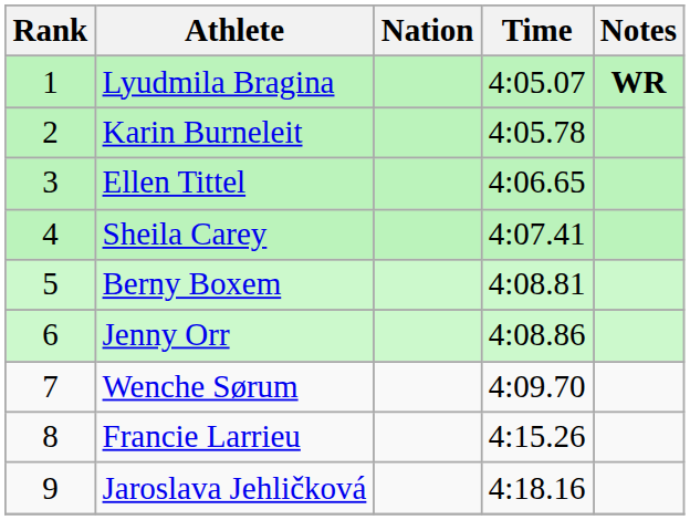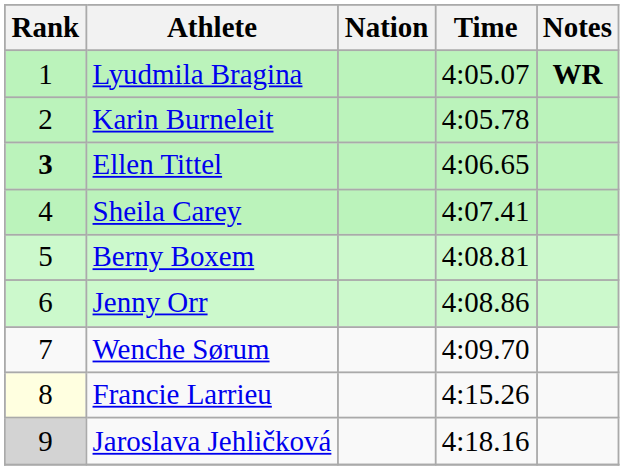 <table class="wikitable sortable" style="text-align:center">
 <tr>
 <th>Rank</th>
 <th>Athlete</th>
 <th>Nation</th>
 <th>Time</th>
 <th>Notes</th>
 </tr>
 <tr bgcolor=bbf3bb>
 <td>1</td>
 <td align=left><a href='#'>Lyudmila Bragina</a></td>
 <td align=left></td>
 <td>4:05.07</td>
 <td><strong>WR</strong></td>
 </tr>
 <tr bgcolor=bbf3bb>
 <td>2</td>
 <td align=left><a href='#'>Karin Burneleit</a></td>
 <td align=left></td>
 <td>4:05.78</td>
 <td></td>
 </tr>
 <tr bgcolor=bbf3bb>
-<td>3</td>
+<td><strong>3</strong></td>
 <td align=left><a href='#'>Ellen Tittel</a></td>
 <td align=left></td>
 <td>4:06.65</td>
 <td></td>
 </tr>
 <tr bgcolor=bbf3bb>
 <td>4</td>
 <td align=left><a href='#'>Sheila Carey</a></td>
 <td align=left></td>
 <td>4:07.41</td>
 <td></td>
 </tr>
 <tr bgcolor=ccf9cc>
 <td>5</td>
 <td align=left><a href='#'>Berny Boxem</a></td>
 <td align=left></td>
 <td>4:08.81</td>
 <td></td>
 </tr>
 <tr bgcolor=ccf9cc>
 <td>6</td>
 <td align=left><a href='#'>Jenny Orr</a></td>
 <td align=left></td>
 <td>4:08.86</td>
 <td></td>
 </tr>
 <tr>
 <td>7</td>
 <td align=left><a href='#'>Wenche Sørum</a></td>
 <td align=left></td>
 <td>4:09.70</td>
 <td></td>
 </tr>
 <tr>
-<td>8</td>
+<td style="background: lightyellow;">8</td>
 <td align=left><a href='#'>Francie Larrieu</a></td>
 <td align=left></td>
 <td>4:15.26</td>
 <td></td>
 </tr>
 <tr>
-<td>9</td>
+<td style="background: lightgrey;">9</td>
 <td align=left><a href='#'>Jaroslava Jehličková</a></td>
 <td align=left></td>
 <td>4:18.16</td>
 <td></td>
 </tr>
 <tr>
 </tr>
 </table>
